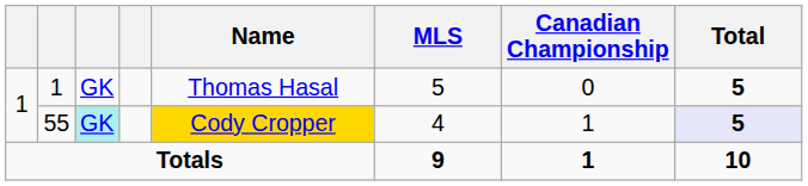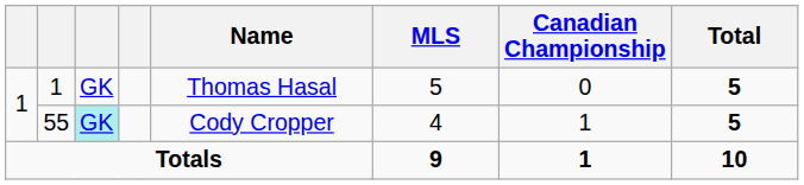 <table class="wikitable" style="text-align:center">
 <tr>
 <th width=15></th>
 <th width=15></th>
 <th width=15></th>
 <th width=15></th>
 <th width=145>Name</th>
 <th width=80><strong><a href='#'>MLS</a></strong></th>
 <th width=80><strong><a href='#'>Canadian Championship</a></strong></th>
 <th width=80>Total</th>
 </tr>
 <tr>
 <td rowspan=2>1</td>
 <td>1</td>
 <td><a href='#'>GK</a></td>
 <td></td>
 <td><a href='#'>Thomas Hasal</a></td>
 <td>5</td>
 <td>0</td>
 <td><strong>5</strong></td>
 </tr>
 <tr>
 <td>55</td>
 <td style="background: paleturquoise;"><a href='#'>GK</a></td>
 <td></td>
-<td style="background: gold;"><a href='#'>Cody Cropper</a></td>
+<td><a href='#'>Cody Cropper</a></td>
 <td>4</td>
 <td>1</td>
-<td style="background: lavender;"><strong>5</strong></td>
+<td><strong>5</strong></td>
 </tr>
 <tr>
 <td colspan="5"><strong>Totals</strong></td>
 <td><strong>9</strong></td>
 <td><strong>1</strong></td>
 <td><strong>10</strong></td>
 </tr>
 </table>
